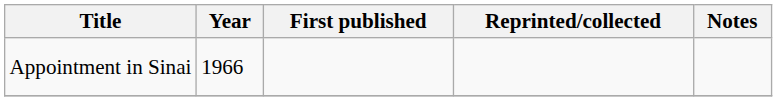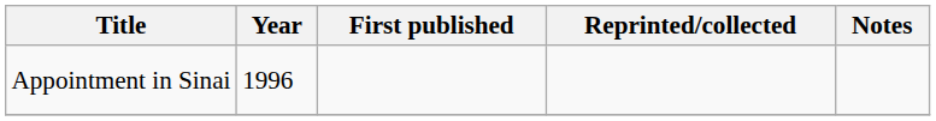 <table class='wikitable sortable'>
 <tr>
 <th width=25%>Title</th>
 <th>Year</th>
 <th>First published</th>
 <th>Reprinted/collected</th>
 <th>Notes</th>
 </tr>
 <tr>
 <td>Appointment in Sinai</td>
-<td>1966</td>
+<td>1996</td>
 <td></td>
 <td><br><br> </td>
 <td></td>
 </tr>
 <tr>
 </tr>
 </table>
